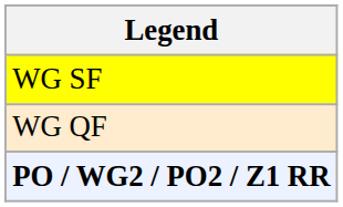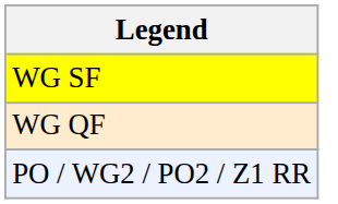 <table class="wikitable" style=font-size:90%>
 <tr>
 <th>Legend</th>
 </tr>
 <tr>
 <td bgcolor="yellow">WG SF</td>
 </tr>
 <tr>
 <td bgcolor="ffebcd">WG QF</td>
 </tr>
 <tr>
-<td bgcolor="ecf2ff"><strong>PO / WG2 / PO2 / Z1 RR</strong></td>
+<td bgcolor="ecf2ff">PO / WG2 / PO2 / Z1 RR</td>
 </tr>
 </table>
